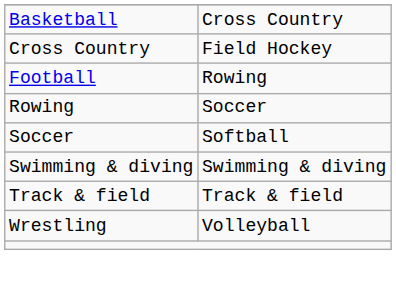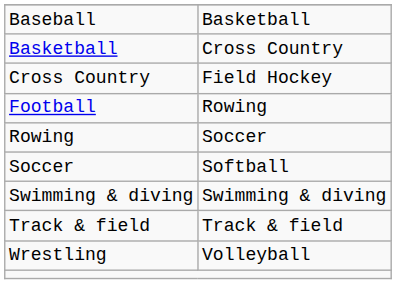 <table class="wikitable" style="float:left; clear:left; margin:0 0 1em 1em;">
 <tr>
+</tr>
+<tr>
+<td>Baseball</td>
+<td>Basketball</td>
 </tr>
 <tr>
 <td><a href='#'>Basketball</a></td>
 <td>Cross Country</td>
 </tr>
 <tr>
 <td>Cross Country</td>
 <td>Field Hockey</td>
 </tr>
 <tr>
 <td><a href='#'>Football</a></td>
 <td>Rowing</td>
 </tr>
 <tr>
 <td>Rowing</td>
 <td>Soccer</td>
 </tr>
 <tr>
 <td>Soccer</td>
 <td>Softball</td>
 </tr>
 <tr>
 <td>Swimming & diving</td>
 <td>Swimming & diving</td>
 </tr>
 <tr>
 <td>Track & field</td>
 <td>Track & field</td>
 </tr>
 <tr>
 <td>Wrestling</td>
 <td>Volleyball</td>
 </tr>
 <tr>
 <td colspan="2"></td>
 </tr>
 </table>
